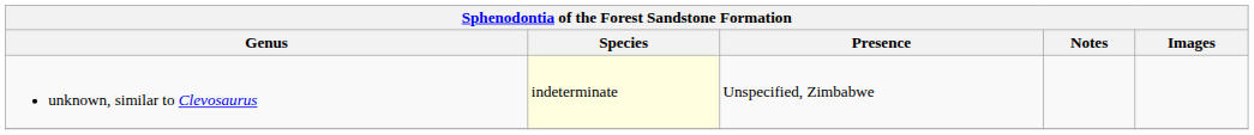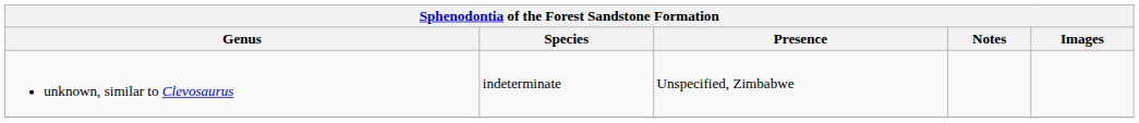 <table class="wikitable" align="center" width="100%">
 <tr>
 <th colspan="5" align="center"><strong><a href='#'>Sphenodontia</a> of the Forest Sandstone Formation</strong></th>
 </tr>
 <tr>
 <th>Genus</th>
 <th>Species</th>
 <th>Presence</th>
 <th>Notes</th>
 <th>Images</th>
 </tr>
 <tr>
 <td><br><ul><li>unknown, similar to <em><a href='#'>Clevosaurus</a></em></li></ul></td>
-<td style="background: lightyellow;">indeterminate</td>
+<td>indeterminate</td>
 <td>Unspecified, Zimbabwe</td>
 <td></td>
 <td></td>
 </tr>
 <tr>
 </tr>
 </table>
